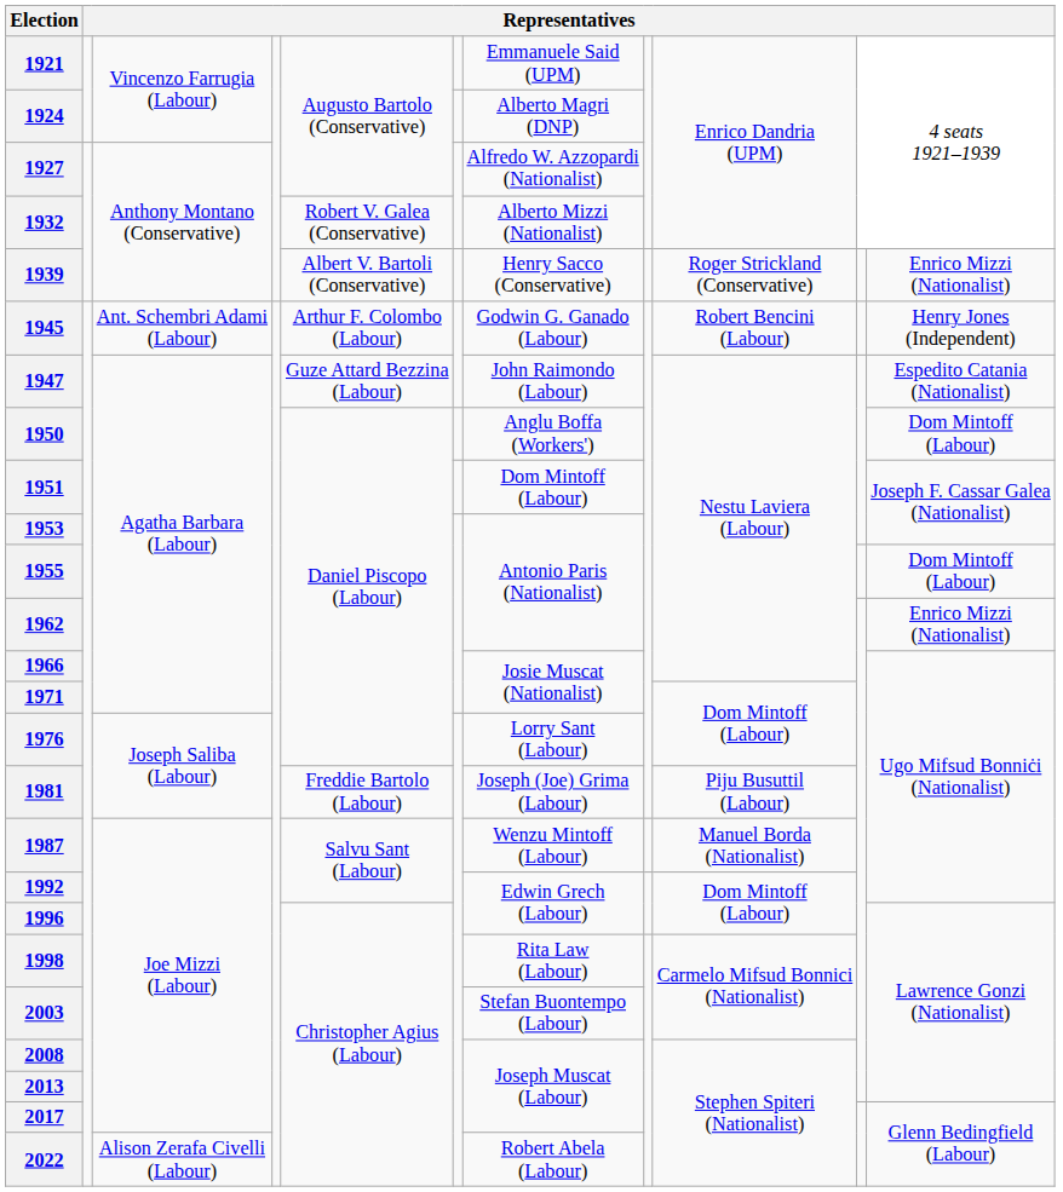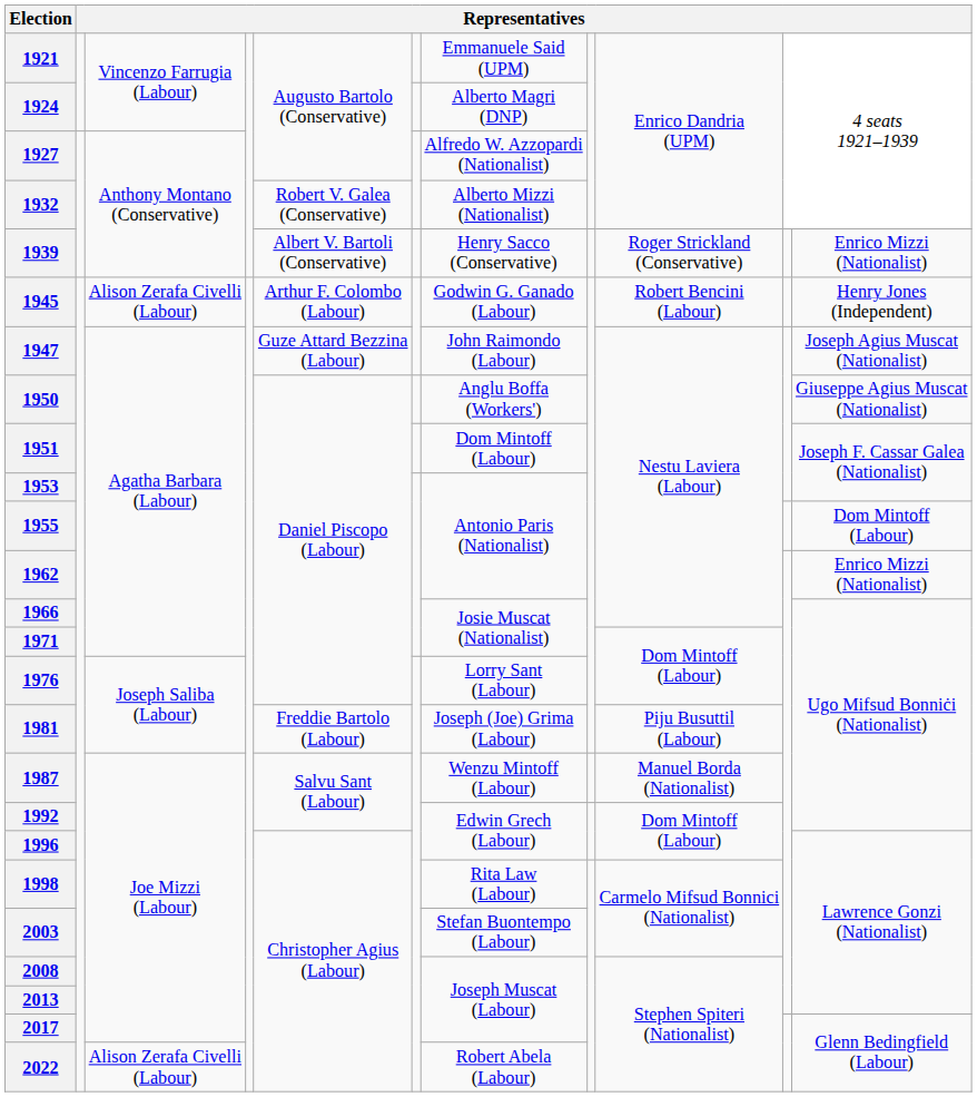 <table class="wikitable" style="text-align:center">
 <tr>
 <th>Election</th>
 <th colspan=10>Representatives</th>
 </tr>
 <tr>
 <th><a href='#'>1921</a></th>
 <td rowspan=2; style="background-color: "></td>
 <td rowspan=2><a href='#'>Vincenzo Farrugia</a><br>(<a href='#'>Labour</a>)</td>
 <td rowspan=5; style="background-color: "></td>
 <td rowspan=3><a href='#'>Augusto Bartolo</a><br>(Conservative)</td>
 <td rowspan=1; style="background-color: "></td>
 <td rowspan=1><a href='#'>Emmanuele Said</a><br>(<a href='#'>UPM</a>)</td>
 <td rowspan=4; style="background-color: "></td>
 <td rowspan=4><a href='#'>Enrico Dandria</a><br>(<a href='#'>UPM</a>)</td>
 <td style="background-color:#FFFFFF" rowspan=4 colspan=2><em>4 seats<br>1921–1939</em></td>
 </tr>
 <tr>
 <th><a href='#'>1924</a></th>
 <td rowspan=1; style="background-color: "></td>
 <td rowspan=1><a href='#'>Alberto Magri</a><br>(<a href='#'>DNP</a>)</td>
 </tr>
 <tr>
 <th><a href='#'>1927</a></th>
 <td rowspan=3; style="background-color: "></td>
 <td rowspan=3><a href='#'>Anthony Montano</a><br>(Conservative)</td>
 <td rowspan=2; style="background-color: "></td>
 <td rowspan=1><a href='#'>Alfredo W. Azzopardi</a><br>(<a href='#'>Nationalist</a>)</td>
 </tr>
 <tr>
 <th><a href='#'>1932</a></th>
 <td rowspan=1><a href='#'>Robert V. Galea</a><br>(Conservative)</td>
 <td rowspan=1><a href='#'>Alberto Mizzi</a><br>(<a href='#'>Nationalist</a>)</td>
 </tr>
 <tr>
 <th><a href='#'>1939</a></th>
 <td rowspan=1><a href='#'>Albert V. Bartoli</a><br>(Conservative)</td>
 <td rowspan=1; style="background-color: "></td>
 <td rowspan=1><a href='#'>Henry Sacco</a><br>(Conservative)</td>
 <td rowspan=1; style="background-color: "></td>
 <td rowspan=1><a href='#'>Roger Strickland</a><br>(Conservative)</td>
 <td rowspan=1; style="background-color: "></td>
 <td rowspan=1><a href='#'>Enrico Mizzi</a><br>(<a href='#'>Nationalist</a>)</td>
 </tr>
 <tr>
 <th><a href='#'>1945</a></th>
 <td rowspan=20; style="background-color: "></td>
-<td rowspan=1><a href='#'>Ant. Schembri Adami</a><br>(<a href='#'>Labour</a>)</td>
+<td rowspan=1><a href='#'>Alison Zerafa Civelli</a><br>(<a href='#'>Labour</a>)</td>
 <td rowspan=20; style="background-color: "></td>
 <td rowspan=1><a href='#'>Arthur F. Colombo</a><br>(<a href='#'>Labour</a>)</td>
 <td rowspan=2; style="background-color: "></td>
 <td rowspan=1><a href='#'>Godwin G. Ganado</a><br>(<a href='#'>Labour</a>)</td>
 <td rowspan=11; style="background-color: "></td>
 <td rowspan=1><a href='#'>Robert Bencini</a><br>(<a href='#'>Labour</a>)</td>
 <td rowspan=1; style="background-color: "></td>
 <td rowspan=1><a href='#'>Henry Jones</a><br>(Independent)</td>
 </tr>
 <tr>
 <th><a href='#'>1947</a></th>
 <td rowspan=8><a href='#'>Agatha Barbara</a><br>(<a href='#'>Labour</a>)</td>
 <td rowspan=1><a href='#'>Guze Attard Bezzina</a><br>(<a href='#'>Labour</a>)</td>
 <td rowspan=1><a href='#'>John Raimondo</a><br>(<a href='#'>Labour</a>)</td>
 <td rowspan=7><a href='#'>Nestu Laviera</a><br>(<a href='#'>Labour</a>)</td>
 <td rowspan=4; style="background-color: "></td>
-<td rowspan=1><a href='#'>Espedito Catania</a><br>(<a href='#'>Nationalist</a>)</td>
+<td rowspan=1><a href='#'>Joseph Agius Muscat</a><br>(<a href='#'>Nationalist</a>)</td>
 </tr>
 <tr>
 <th><a href='#'>1950</a></th>
 <td rowspan=8><a href='#'>Daniel Piscopo</a><br>(<a href='#'>Labour</a>)</td>
 <td rowspan=1; style="background-color: "></td>
 <td rowspan=1><a href='#'>Anglu Boffa</a><br>(<a href='#'>Workers'</a>)</td>
-<td><a href='#'>Dom Mintoff</a><br>(<a href='#'>Labour</a>)</td>
+<td rowspan=1><a href='#'>Giuseppe Agius Muscat</a><br>(<a href='#'>Nationalist</a>)</td>
 </tr>
 <tr>
 <th><a href='#'>1951</a></th>
 <td rowspan=1; style="background-color: "></td>
 <td rowspan=1><a href='#'>Dom Mintoff</a><br>(<a href='#'>Labour</a>)</td>
 <td rowspan=2><a href='#'>Joseph F. Cassar Galea</a><br>(<a href='#'>Nationalist</a>)</td>
 </tr>
 <tr>
 <th><a href='#'>1953</a></th>
 <td rowspan=5; style="background-color: "></td>
 <td rowspan=3><a href='#'>Antonio Paris</a><br>(<a href='#'>Nationalist</a>)</td>
 </tr>
 <tr>
 <th><a href='#'>1955</a></th>
 <td rowspan=1; style="background-color: "></td>
 <td><a href='#'>Dom Mintoff</a><br>(<a href='#'>Labour</a>)</td>
 </tr>
 <tr>
 <th><a href='#'>1962</a></th>
 <td rowspan=12; style="background-color: "></td>
 <td rowspan=1><a href='#'>Enrico Mizzi</a><br>(<a href='#'>Nationalist</a>)</td>
 </tr>
 <tr>
 <th><a href='#'>1966</a></th>
 <td rowspan=2><a href='#'>Josie Muscat</a><br>(<a href='#'>Nationalist</a>)</td>
 <td rowspan=6><a href='#'>Ugo Mifsud Bonniċi</a><br>(<a href='#'>Nationalist</a>)</td>
 </tr>
 <tr>
 <th><a href='#'>1971</a></th>
 <td rowspan=2><a href='#'>Dom Mintoff</a><br>(<a href='#'>Labour</a>)</td>
 </tr>
 <tr>
 <th><a href='#'>1976</a></th>
 <td rowspan=2><a href='#'>Joseph Saliba</a><br>(<a href='#'>Labour</a>)</td>
 <td rowspan=11; style="background-color: "></td>
 <td rowspan=1><a href='#'>Lorry Sant</a><br>(<a href='#'>Labour</a>)</td>
 </tr>
 <tr>
 <th><a href='#'>1981</a></th>
 <td rowspan=1><a href='#'>Freddie Bartolo</a><br>(<a href='#'>Labour</a>)</td>
 <td rowspan=1><a href='#'>Joseph (Joe) Grima</a><br>(<a href='#'>Labour</a>)</td>
 <td rowspan=1><a href='#'>Piju Busuttil</a><br>(<a href='#'>Labour</a>)</td>
 </tr>
 <tr>
 <th><a href='#'>1987</a></th>
 <td rowspan=8><a href='#'>Joe Mizzi</a><br>(<a href='#'>Labour</a>)</td>
 <td rowspan=2><a href='#'>Salvu Sant</a><br>(<a href='#'>Labour</a>)</td>
 <td rowspan=1><a href='#'>Wenzu Mintoff</a><br>(<a href='#'>Labour</a>)</td>
 <td rowspan=1; style="background-color: "></td>
 <td rowspan=1><a href='#'>Manuel Borda</a><br>(<a href='#'>Nationalist</a>)</td>
 </tr>
 <tr>
 <th><a href='#'>1992</a></th>
 <td rowspan=2><a href='#'>Edwin Grech</a><br>(<a href='#'>Labour</a>)</td>
 <td rowspan=2; style="background-color: "></td>
 <td rowspan=2><a href='#'>Dom Mintoff</a><br>(<a href='#'>Labour</a>)</td>
 </tr>
 <tr>
 <th><a href='#'>1996</a></th>
 <td rowspan=7><a href='#'>Christopher Agius</a><br>(<a href='#'>Labour</a>)</td>
 <td rowspan=5><a href='#'>Lawrence Gonzi</a><br>(<a href='#'>Nationalist</a>)</td>
 </tr>
 <tr>
 <th><a href='#'>1998</a></th>
 <td rowspan=1><a href='#'>Rita Law</a><br>(<a href='#'>Labour</a>)</td>
 <td rowspan=7; style="background-color: "></td>
 <td rowspan=2><a href='#'>Carmelo Mifsud Bonnici</a><br>(<a href='#'>Nationalist</a>)</td>
 </tr>
 <tr>
 <th><a href='#'>2003</a></th>
 <td><a href='#'>Stefan Buontempo</a><br>(<a href='#'>Labour</a>)</td>
 </tr>
 <tr>
 <th><a href='#'>2008</a></th>
 <td rowspan=3><a href='#'>Joseph Muscat</a><br>(<a href='#'>Labour</a>)</td>
 <td rowspan=4><a href='#'>Stephen Spiteri</a><br>(<a href='#'>Nationalist</a>)</td>
 </tr>
 <tr>
 <th><a href='#'>2013</a></th>
 </tr>
 <tr>
 <th><a href='#'>2017</a></th>
 <td rowspan=2; style="background-color: "></td>
 <td rowspan=2><a href='#'>Glenn Bedingfield</a><br>(<a href='#'>Labour</a>)</td>
 </tr>
 <tr>
 <th><a href='#'>2022</a></th>
 <td rowspan=1><a href='#'>Alison Zerafa Civelli</a><br>(<a href='#'>Labour</a>)</td>
 <td rowspan=1><a href='#'>Robert Abela</a><br>(<a href='#'>Labour</a>)</td>
 </tr>
 </table>
